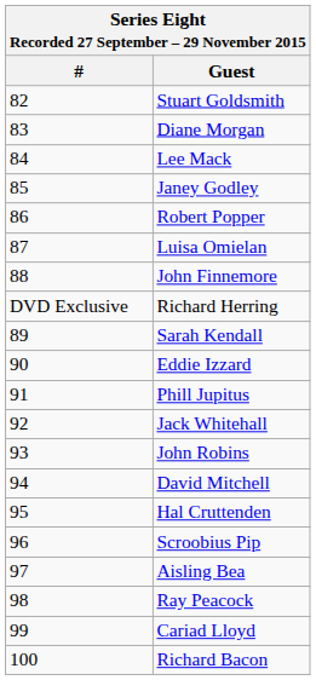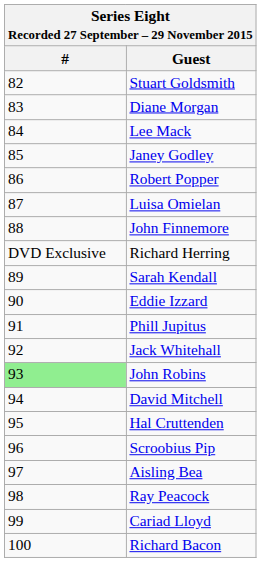 <table class="wikitable">
 <tr>
 <th colspan="3">Series Eight<br><small>Recorded 27 September – 29 November 2015</small></th>
 </tr>
 <tr>
 <th>#</th>
 <th>Guest</th>
 </tr>
 <tr>
 <td>82</td>
 <td><a href='#'>Stuart Goldsmith</a></td>
 </tr>
 <tr>
 <td>83</td>
 <td><a href='#'>Diane Morgan</a></td>
 </tr>
 <tr>
 <td>84</td>
 <td><a href='#'>Lee Mack</a></td>
 </tr>
 <tr>
 <td>85</td>
 <td><a href='#'>Janey Godley</a></td>
 </tr>
 <tr>
 <td>86</td>
 <td><a href='#'>Robert Popper</a></td>
 </tr>
 <tr>
 <td>87</td>
 <td><a href='#'>Luisa Omielan</a></td>
 </tr>
 <tr>
 <td>88</td>
 <td><a href='#'>John Finnemore</a></td>
 </tr>
 <tr>
 <td>DVD Exclusive</td>
 <td>Richard Herring</td>
 </tr>
 <tr>
 <td>89</td>
 <td><a href='#'>Sarah Kendall</a></td>
 </tr>
 <tr>
 <td>90</td>
 <td><a href='#'>Eddie Izzard</a></td>
 </tr>
 <tr>
 <td>91</td>
 <td><a href='#'>Phill Jupitus</a></td>
 </tr>
 <tr>
 <td>92</td>
 <td><a href='#'>Jack Whitehall</a></td>
 </tr>
 <tr>
-<td>93</td>
+<td style="background: lightgreen;">93</td>
 <td><a href='#'>John Robins</a></td>
 </tr>
 <tr>
 <td>94</td>
 <td><a href='#'>David Mitchell</a></td>
 </tr>
 <tr>
 <td>95</td>
 <td><a href='#'>Hal Cruttenden</a></td>
 </tr>
 <tr>
 <td>96</td>
 <td><a href='#'>Scroobius Pip</a></td>
 </tr>
 <tr>
 <td>97</td>
 <td><a href='#'>Aisling Bea</a></td>
 </tr>
 <tr>
 <td>98</td>
 <td><a href='#'>Ray Peacock</a></td>
 </tr>
 <tr>
 <td>99</td>
 <td><a href='#'>Cariad Lloyd</a></td>
 </tr>
 <tr>
 <td>100</td>
 <td><a href='#'>Richard Bacon</a></td>
 </tr>
 </table>
